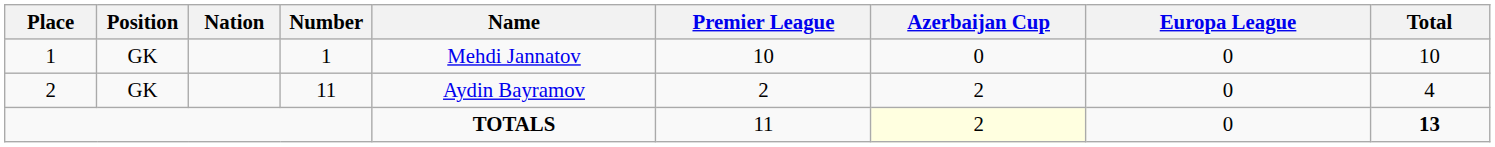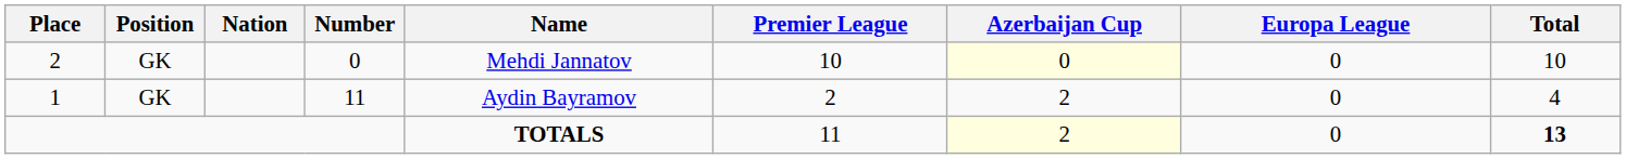 <table class="wikitable" style="font-size: 95%; text-align: center;">
 <tr>
 <th width=60>Place</th>
 <th width=60>Position</th>
 <th width=60>Nation</th>
 <th width=60>Number</th>
 <th width=200>Name</th>
 <th width=150><a href='#'>Premier League</a></th>
 <th width=150><a href='#'>Azerbaijan Cup</a></th>
 <th width=200><a href='#'>Europa League</a></th>
 <th width=80>Total</th>
 </tr>
 <tr>
-<td>1</td>
+<td>2</td>
 <td>GK</td>
 <td></td>
-<td>1</td>
+<td>0</td>
 <td><a href='#'>Mehdi Jannatov</a></td>
 <td>10</td>
-<td>0</td>
+<td style="background: lightyellow;">0</td>
 <td>0</td>
 <td>10</td>
 </tr>
 <tr>
-<td>2</td>
+<td>1</td>
 <td>GK</td>
 <td></td>
 <td>11</td>
 <td><a href='#'>Aydin Bayramov</a></td>
 <td>2</td>
 <td>2</td>
 <td>0</td>
 <td>4</td>
 </tr>
 <tr>
 <td colspan="4"></td>
 <td><strong>TOTALS</strong></td>
 <td>11</td>
 <td style="background: lightyellow;">2</td>
 <td>0</td>
 <td><strong>13</strong></td>
 </tr>
 </table>
